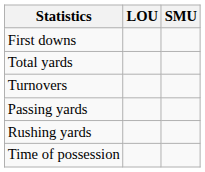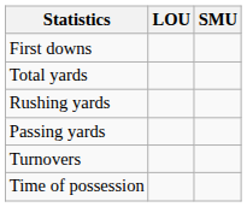 <table class="wikitable" style="float:left">
 <tr>
 <th>Statistics</th>
 <th>LOU</th>
 <th>SMU</th>
 </tr>
 <tr>
 <td>First downs</td>
 <td></td>
 <td></td>
 </tr>
 <tr>
 <td>Total yards</td>
 <td></td>
 <td></td>
 </tr>
 <tr>
-<td>Turnovers</td>
+<td>Rushing yards</td>
 <td></td>
 <td></td>
 </tr>
 <tr>
 <td>Passing yards</td>
 <td></td>
 <td></td>
 </tr>
 <tr>
-<td>Rushing yards</td>
+<td>Turnovers</td>
 <td></td>
 <td></td>
 </tr>
 <tr>
 <td>Time of possession</td>
 <td></td>
 <td></td>
 </tr>
 </table>
